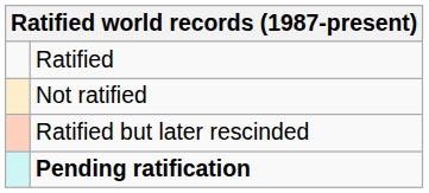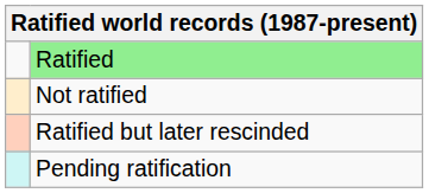 <table class="wikitable" style="text-align: left;">
 <tr>
 <th colspan=5>Ratified world records (1987-present)</th>
 </tr>
 <tr>
 <td style="width:10px;"></td>
-<td>Ratified</td>
+<td style="background: lightgreen;">Ratified</td>
 </tr>
 <tr>
 <td style="width:10px; background:#fec;"></td>
 <td>Not ratified</td>
 </tr>
 <tr>
 <td style="width:10px; background:#ffd0bd;"></td>
 <td>Ratified but later rescinded</td>
 </tr>
 <tr>
 <td style="width:10px; background:#cef6f5;"></td>
-<td><strong>Pending ratification</strong></td>
+<td>Pending ratification</td>
 </tr>
 </table>
